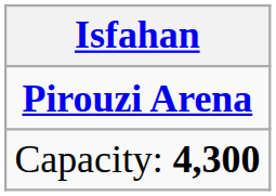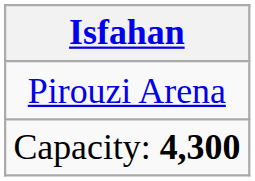 <table class="wikitable" style="text-align:center;">
 <tr>
 <th><a href='#'>Isfahan</a></th>
 </tr>
 <tr>
-<td><strong><a href='#'>Pirouzi Arena</a></strong></td>
+<td><a href='#'>Pirouzi Arena</a></td>
 </tr>
 <tr>
 <td>Capacity: <strong>4,300</strong></td>
 </tr>
 </table>
